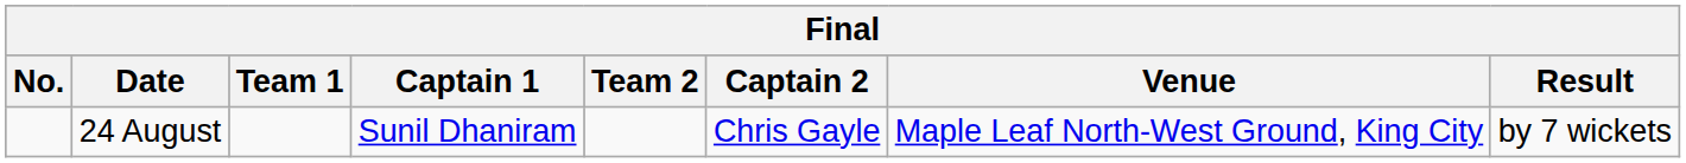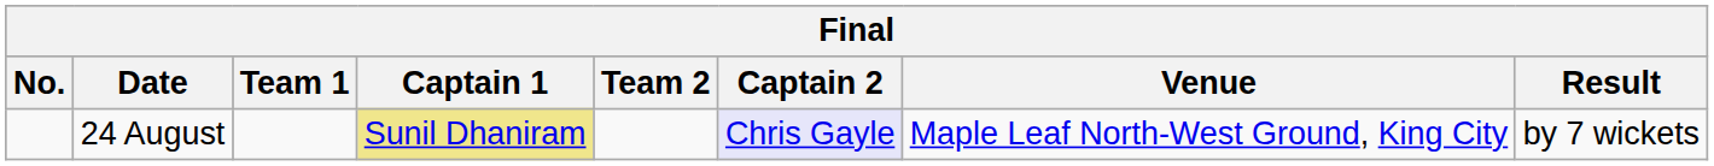 <table class="wikitable">
 <tr>
 <th colspan="8">Final</th>
 </tr>
 <tr>
 <th>No.</th>
 <th>Date</th>
 <th>Team 1</th>
 <th>Captain 1</th>
 <th>Team 2</th>
 <th>Captain 2</th>
 <th>Venue</th>
 <th>Result</th>
 </tr>
 <tr>
 <td></td>
 <td>24 August</td>
 <td></td>
-<td><a href='#'>Sunil Dhaniram</a></td>
+<td style="background: khaki;"><a href='#'>Sunil Dhaniram</a></td>
 <td></td>
-<td><a href='#'>Chris Gayle</a></td>
+<td style="background: lavender;"><a href='#'>Chris Gayle</a></td>
 <td><a href='#'>Maple Leaf North-West Ground</a>, <a href='#'>King City</a></td>
 <td> by 7 wickets</td>
 </tr>
 </table>
